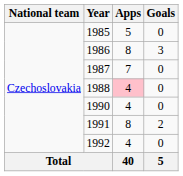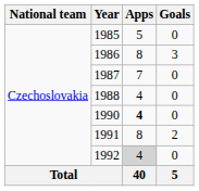 <table class="wikitable" style="text-align: center;">
 <tr>
 <th>National team</th>
 <th>Year</th>
 <th>Apps</th>
 <th>Goals</th>
 </tr>
 <tr>
 <td rowspan="7"><a href='#'>Czechoslovakia</a></td>
 <td>1985</td>
 <td>5</td>
 <td>0</td>
 </tr>
 <tr>
 <td>1986</td>
 <td>8</td>
 <td>3</td>
 </tr>
 <tr>
 <td>1987</td>
 <td>7</td>
 <td>0</td>
 </tr>
 <tr>
 <td>1988</td>
-<td style="background: pink;">4</td>
+<td>4</td>
 <td>0</td>
 </tr>
 <tr>
 <td>1990</td>
-<td>4</td>
+<td><strong>4</strong></td>
 <td>0</td>
 </tr>
 <tr>
 <td>1991</td>
 <td>8</td>
 <td>2</td>
 </tr>
 <tr>
 <td>1992</td>
-<td>4</td>
+<td style="background: lightgrey;">4</td>
 <td>0</td>
 </tr>
 <tr>
 <th colspan="2">Total</th>
 <th>40</th>
 <th>5</th>
 </tr>
 </table>
